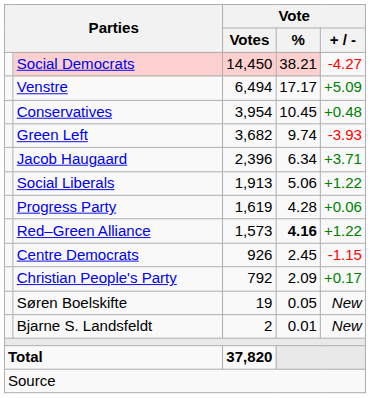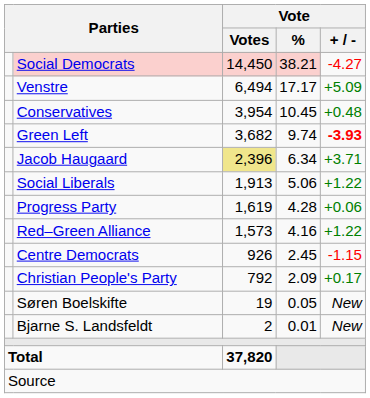 <table class="wikitable" style="text-align:right;">
 <tr>
 <th style="text-align:centre;" rowspan="2" colspan="2" width="225">Parties</th>
 <th colspan="3">Vote</th>
 </tr>
 <tr>
 <th width="15">Votes</th>
 <th width="15">%</th>
 <th width="15">+ / -</th>
 </tr>
 <tr>
 <td width="2" style="color:inherit;background:"></td>
 <td bgcolor=#fbd0ce  align="left"><a href='#'>Social Democrats</a></td>
 <td bgcolor=#fbd0ce>14,450</td>
 <td bgcolor=#fbd0ce>38.21</td>
 <td style=color:red;>-4.27</td>
 </tr>
 <tr>
 <td width="2" style="color:inherit;background:"></td>
 <td align="left"><a href='#'>Venstre</a></td>
 <td>6,494</td>
 <td>17.17</td>
 <td style=color:green;>+5.09</td>
 </tr>
 <tr>
 <td width="2" style="color:inherit;background:"></td>
 <td align="left"><a href='#'>Conservatives</a></td>
 <td>3,954</td>
 <td>10.45</td>
 <td style=color:green;>+0.48</td>
 </tr>
 <tr>
 <td width="2" style="color:inherit;background:"></td>
 <td align="left"><a href='#'>Green Left</a></td>
 <td>3,682</td>
 <td>9.74</td>
-<td style=color:red;>-3.93</td>
+<td style=color:red;><strong>-3.93</strong></td>
 </tr>
 <tr>
 <td width="2" style="color:inherit;background:"></td>
 <td align="left"><a href='#'>Jacob Haugaard</a></td>
-<td>2,396</td>
+<td style="background: khaki;">2,396</td>
 <td>6.34</td>
 <td style=color:green;>+3.71</td>
 </tr>
 <tr>
 <td width="2" style="color:inherit;background:"></td>
 <td align="left"><a href='#'>Social Liberals</a></td>
 <td>1,913</td>
 <td>5.06</td>
 <td style=color:green;>+1.22</td>
 </tr>
 <tr>
 <td width="2" style="color:inherit;background:"></td>
 <td align="left"><a href='#'>Progress Party</a></td>
 <td>1,619</td>
 <td>4.28</td>
 <td style=color:green;>+0.06</td>
 </tr>
 <tr>
 <td width="2" style="color:inherit;background:"></td>
 <td align="left"><a href='#'>Red–Green Alliance</a></td>
 <td>1,573</td>
-<td><strong>4.16</strong></td>
+<td>4.16</td>
 <td style=color:green;>+1.22</td>
 </tr>
 <tr>
 <td width="2" style="color:inherit;background:"></td>
 <td align="left"><a href='#'>Centre Democrats</a></td>
 <td>926</td>
 <td>2.45</td>
 <td style=color:red;>-1.15</td>
 </tr>
 <tr>
 <td width="2" style="color:inherit;background:"></td>
 <td align="left"><a href='#'>Christian People's Party</a></td>
 <td>792</td>
 <td>2.09</td>
 <td style=color:green;>+0.17</td>
 </tr>
 <tr>
 <td width="2" style="color:inherit;background:"></td>
 <td align="left">Søren Boelskifte</td>
 <td>19</td>
 <td>0.05</td>
 <td><em>New</em></td>
 </tr>
 <tr>
 <td width="2" style="color:inherit;background:"></td>
 <td align="left">Bjarne S. Landsfeldt</td>
 <td>2</td>
 <td>0.01</td>
 <td><em>New</em></td>
 </tr>
 <tr>
 <td colspan="7" bgcolor="#E9E9E9"></td>
 </tr>
 <tr>
 <td align="left" colspan="2"><strong>Total</strong></td>
 <td><strong>37,820</strong></td>
 <td bgcolor="#E9E9E9" colspan="2"></td>
 </tr>
 <tr>
 <td align="left" colspan="6">Source</td>
 </tr>
 </table>
